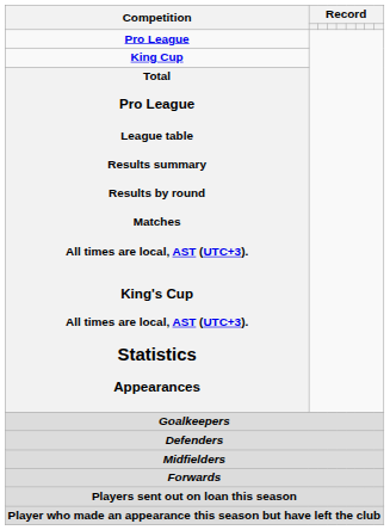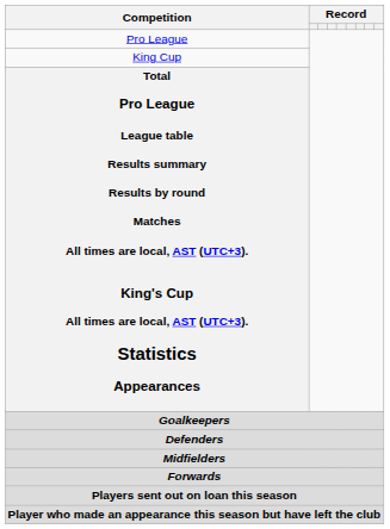 <table class="wikitable" style="text-align: center">
 <tr>
 <th rowspan=2>Competition</th>
 <th colspan=8>Record</th>
 </tr>
 <tr>
 <th></th>
 <th></th>
 <th></th>
 <th></th>
 <th></th>
 <th></th>
 <th></th>
 <th></th>
 </tr>
 <tr>
-<td><strong><a href='#'>Pro League</a><br></strong></td>
+<td><a href='#'>Pro League</a><br></td>
 </tr>
 <tr>
-<td><strong><a href='#'>King Cup</a><br></strong></td>
+<td><a href='#'>King Cup</a><br></td>
 </tr>
 <tr>
 <th>Total<br> <h3>Pro League</h3><h4>League table</h4><h4>Results summary</h4> <h4>Results by round</h4><h4>Matches</h4>All times are local, <a href='#'>AST</a> (<a href='#'>UTC+3</a>).<br>   <br>                                 <h3>King's Cup</h3> All times are local, <a href='#'>AST</a> (<a href='#'>UTC+3</a>).<br><h2>Statistics</h2><h3>Appearances</h3></th>
 </tr>
 <tr>
 <th colspan=10 style=background:#dcdcdc; text-align:center><em>Goalkeepers</em><br>  </th>
 </tr>
 <tr>
 <th colspan=10 style=background:#dcdcdc; text-align:center><em>Defenders</em><br>       </th>
 </tr>
 <tr>
 <th colspan=10 style=background:#dcdcdc; text-align:center><em>Midfielders</em><br>         </th>
 </tr>
 <tr>
 <th colspan=10 style=background:#dcdcdc; text-align:center><em>Forwards</em><br>      </th>
 </tr>
 <tr>
 <th colspan=20 style=background:#dcdcdc; text-align:center>Players sent out on loan this season<br></th>
 </tr>
 <tr>
 <th colspan=16 style=background:#dcdcdc; text-align:center>Player who made an appearance this season but have left the club<br></th>
 </tr>
 </table>
